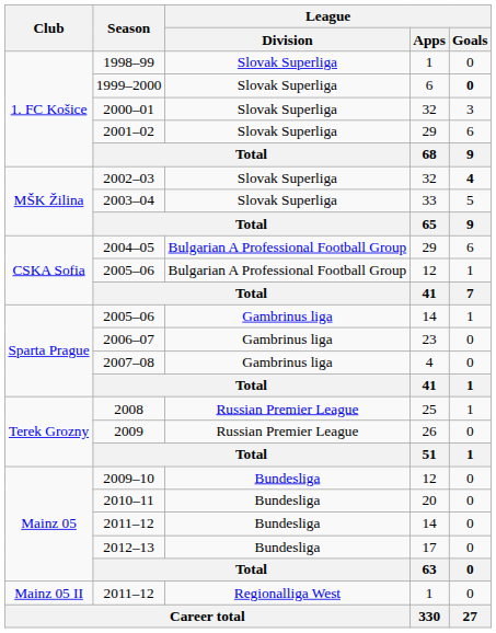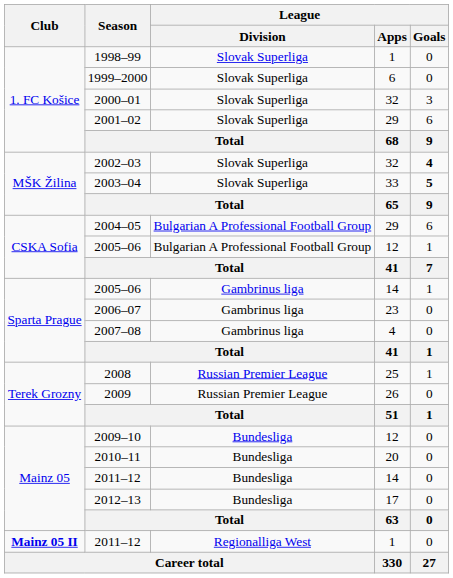 <table class="wikitable" style="text-align:center">
 <tr>
 <th rowspan="2">Club</th>
 <th rowspan="2">Season</th>
 <th colspan="3">League</th>
 </tr>
 <tr>
 <th>Division</th>
 <th>Apps</th>
 <th>Goals</th>
 </tr>
 <tr>
 <td rowspan="5"><a href='#'>1. FC Košice</a></td>
 <td>1998–99</td>
 <td><a href='#'>Slovak Superliga</a></td>
 <td>1</td>
 <td>0</td>
 </tr>
 <tr>
 <td>1999–2000</td>
 <td>Slovak Superliga</td>
 <td>6</td>
-<td><strong>0</strong></td>
+<td>0</td>
 </tr>
 <tr>
 <td>2000–01</td>
 <td>Slovak Superliga</td>
 <td>32</td>
 <td>3</td>
 </tr>
 <tr>
 <td>2001–02</td>
 <td>Slovak Superliga</td>
 <td>29</td>
 <td>6</td>
 </tr>
 <tr>
 <th colspan="2">Total</th>
 <th>68</th>
 <th>9</th>
 </tr>
 <tr>
 <td rowspan="3"><a href='#'>MŠK Žilina</a></td>
 <td>2002–03</td>
 <td>Slovak Superliga</td>
 <td>32</td>
 <td><strong>4</strong></td>
 </tr>
 <tr>
 <td>2003–04</td>
 <td>Slovak Superliga</td>
 <td>33</td>
-<td>5</td>
+<td><strong>5</strong></td>
 </tr>
 <tr>
 <th colspan="2">Total</th>
 <th>65</th>
 <th>9</th>
 </tr>
 <tr>
 <td rowspan="3"><a href='#'>CSKA Sofia</a></td>
 <td>2004–05</td>
 <td><a href='#'>Bulgarian A Professional Football Group</a></td>
 <td>29</td>
 <td>6</td>
 </tr>
 <tr>
 <td>2005–06</td>
 <td>Bulgarian A Professional Football Group</td>
 <td>12</td>
 <td>1</td>
 </tr>
 <tr>
 <th colspan="2">Total</th>
 <th>41</th>
 <th>7</th>
 </tr>
 <tr>
 <td rowspan="4"><a href='#'>Sparta Prague</a></td>
 <td>2005–06</td>
 <td><a href='#'>Gambrinus liga</a></td>
 <td>14</td>
 <td>1</td>
 </tr>
 <tr>
 <td>2006–07</td>
 <td>Gambrinus liga</td>
 <td>23</td>
 <td>0</td>
 </tr>
 <tr>
 <td>2007–08</td>
 <td>Gambrinus liga</td>
 <td>4</td>
 <td>0</td>
 </tr>
 <tr>
 <th colspan="2">Total</th>
 <th>41</th>
 <th>1</th>
 </tr>
 <tr>
 <td rowspan="3"><a href='#'>Terek Grozny</a></td>
 <td>2008</td>
 <td><a href='#'>Russian Premier League</a></td>
 <td>25</td>
 <td>1</td>
 </tr>
 <tr>
 <td>2009</td>
 <td>Russian Premier League</td>
 <td>26</td>
 <td>0</td>
 </tr>
 <tr>
 <th colspan="2">Total</th>
 <th>51</th>
 <th>1</th>
 </tr>
 <tr>
 <td rowspan="5"><a href='#'>Mainz 05</a></td>
 <td>2009–10</td>
 <td><a href='#'>Bundesliga</a></td>
 <td>12</td>
 <td>0</td>
 </tr>
 <tr>
 <td>2010–11</td>
 <td>Bundesliga</td>
 <td>20</td>
 <td>0</td>
 </tr>
 <tr>
 <td>2011–12</td>
 <td>Bundesliga</td>
 <td>14</td>
 <td>0</td>
 </tr>
 <tr>
 <td>2012–13</td>
 <td>Bundesliga</td>
 <td>17</td>
 <td>0</td>
 </tr>
 <tr>
 <th colspan="2">Total</th>
 <th>63</th>
 <th>0</th>
 </tr>
 <tr>
-<td><a href='#'>Mainz 05 II</a></td>
+<td><strong><a href='#'>Mainz 05 II</a></strong></td>
 <td>2011–12</td>
 <td><a href='#'>Regionalliga West</a></td>
 <td>1</td>
 <td>0</td>
 </tr>
 <tr>
 <th colspan="3">Career total</th>
 <th>330</th>
 <th>27</th>
 </tr>
 </table>
